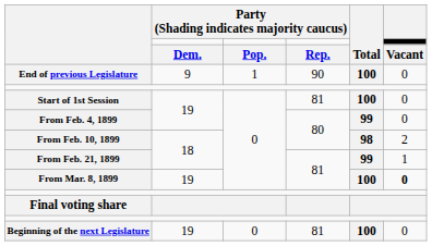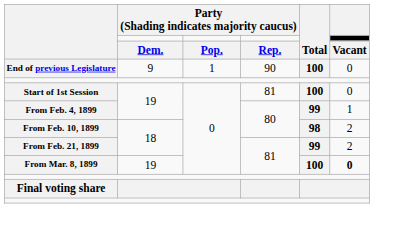 <table class=wikitable style="text-align:center">
 <tr style="vertical-align:bottom;">
 <th rowspan=3></th>
 <th colspan=3>Party <div>(Shading indicates majority caucus)</div></th>
 <th rowspan=3>Total</th>
 <th></th>
 </tr>
 <tr style="height:5px">
 <td style="background-color:"></td>
 <td style="background-color:"></td>
 <td style="background-color:"></td>
 <td style="background:black;"></td>
 </tr>
 <tr>
 <th><a href='#'>Dem.</a></th>
 <th><a href='#'>Pop.</a></th>
 <th><a href='#'>Rep.</a></th>
 <th>Vacant</th>
 </tr>
 <tr>
 <th style="font-size:80%;">End of <a href='#'>previous Legislature</a></th>
 <td>9</td>
 <td>1</td>
 <td>90</td>
 <th>100</th>
 <td>0</td>
 </tr>
 <tr>
 <td colspan=6></td>
 </tr>
 <tr>
 <th style="font-size:80%;">Start of 1st Session</th>
 <td rowspan="2">19</td>
 <td rowspan="5">0</td>
 <td>81</td>
 <th>100</th>
 <td>0</td>
 </tr>
 <tr>
 <th style="font-size:80%;">From Feb. 4, 1899</th>
 <td rowspan="2" >80</td>
 <th>99</th>
-<td>0</td>
+<td>1</td>
 </tr>
 <tr>
 <th style="font-size:80%;">From Feb. 10, 1899</th>
 <td rowspan="2">18</td>
 <th>98</th>
 <td>2</td>
 </tr>
 <tr>
 <th style="font-size:80%;">From Feb. 21, 1899</th>
 <td rowspan="2" >81</td>
 <th>99</th>
-<td>1</td>
+<td>2</td>
 </tr>
 <tr>
 <th style="font-size:80%;">From Mar. 8, 1899</th>
 <td>19</td>
 <th>100</th>
 <td><strong>0</strong></td>
 </tr>
 <tr>
 <td colspan=6></td>
 </tr>
 <tr>
 <th>Final voting share</th>
 <th colspan=2></th>
 <th></th>
 <th colspan=2></th>
 </tr>
 <tr>
 <td colspan=6></td>
 </tr>
-<tr>
-<th style="font-size:80%;">Beginning of the <a href='#'>next Legislature</a></th>
-<td>19</td>
-<td>0</td>
-<td>81</td>
-<th>100</th>
-<td>0</td>
-</tr>
 </table>
